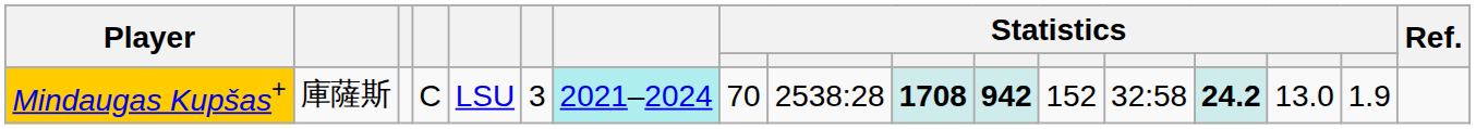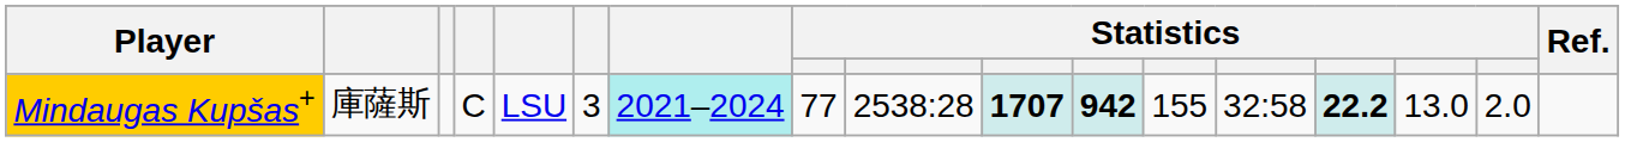 <table class="wikitable sortable" style="font-size:95%; text-align:right;">
 <tr>
 <th rowspan="2">Player</th>
 <th rowspan="2"></th>
 <th rowspan="2"></th>
 <th rowspan="2"></th>
 <th rowspan="2"></th>
 <th rowspan="2"></th>
 <th rowspan="2"></th>
 <th colspan="9">Statistics</th>
 <th rowspan="2">Ref.</th>
 </tr>
 <tr>
 <th></th>
 <th></th>
 <th></th>
 <th></th>
 <th></th>
 <th></th>
 <th></th>
 <th></th>
 <th></th>
 </tr>
 <tr>
 <td align="left" bgcolor="#FFCC00"><em><a href='#'>Mindaugas Kupšas</a></em><sup>+</sup></td>
 <td align="left">庫薩斯</td>
 <td align="center"></td>
 <td align="center">C</td>
 <td align="left"><a href='#'>LSU</a></td>
 <td align="center">3</td>
 <td align="center" style="background: paleturquoise;"><a href='#'>2021</a>–<a href='#'>2024</a></td>
-<td>70</td>
+<td>77</td>
 <td>2538:28</td>
-<td bgcolor="#CFECEC"><strong>1708</strong></td>
+<td bgcolor="#CFECEC"><strong>1707</strong></td>
 <td bgcolor="#CFECEC"><strong>942</strong></td>
-<td>152</td>
+<td>155</td>
 <td>32:58</td>
-<td bgcolor="#CFECEC"><strong>24.2</strong></td>
+<td bgcolor="#CFECEC"><strong>22.2</strong></td>
 <td>13.0</td>
-<td>1.9</td>
+<td>2.0</td>
 <td align="center"></td>
 </tr>
 </table>
